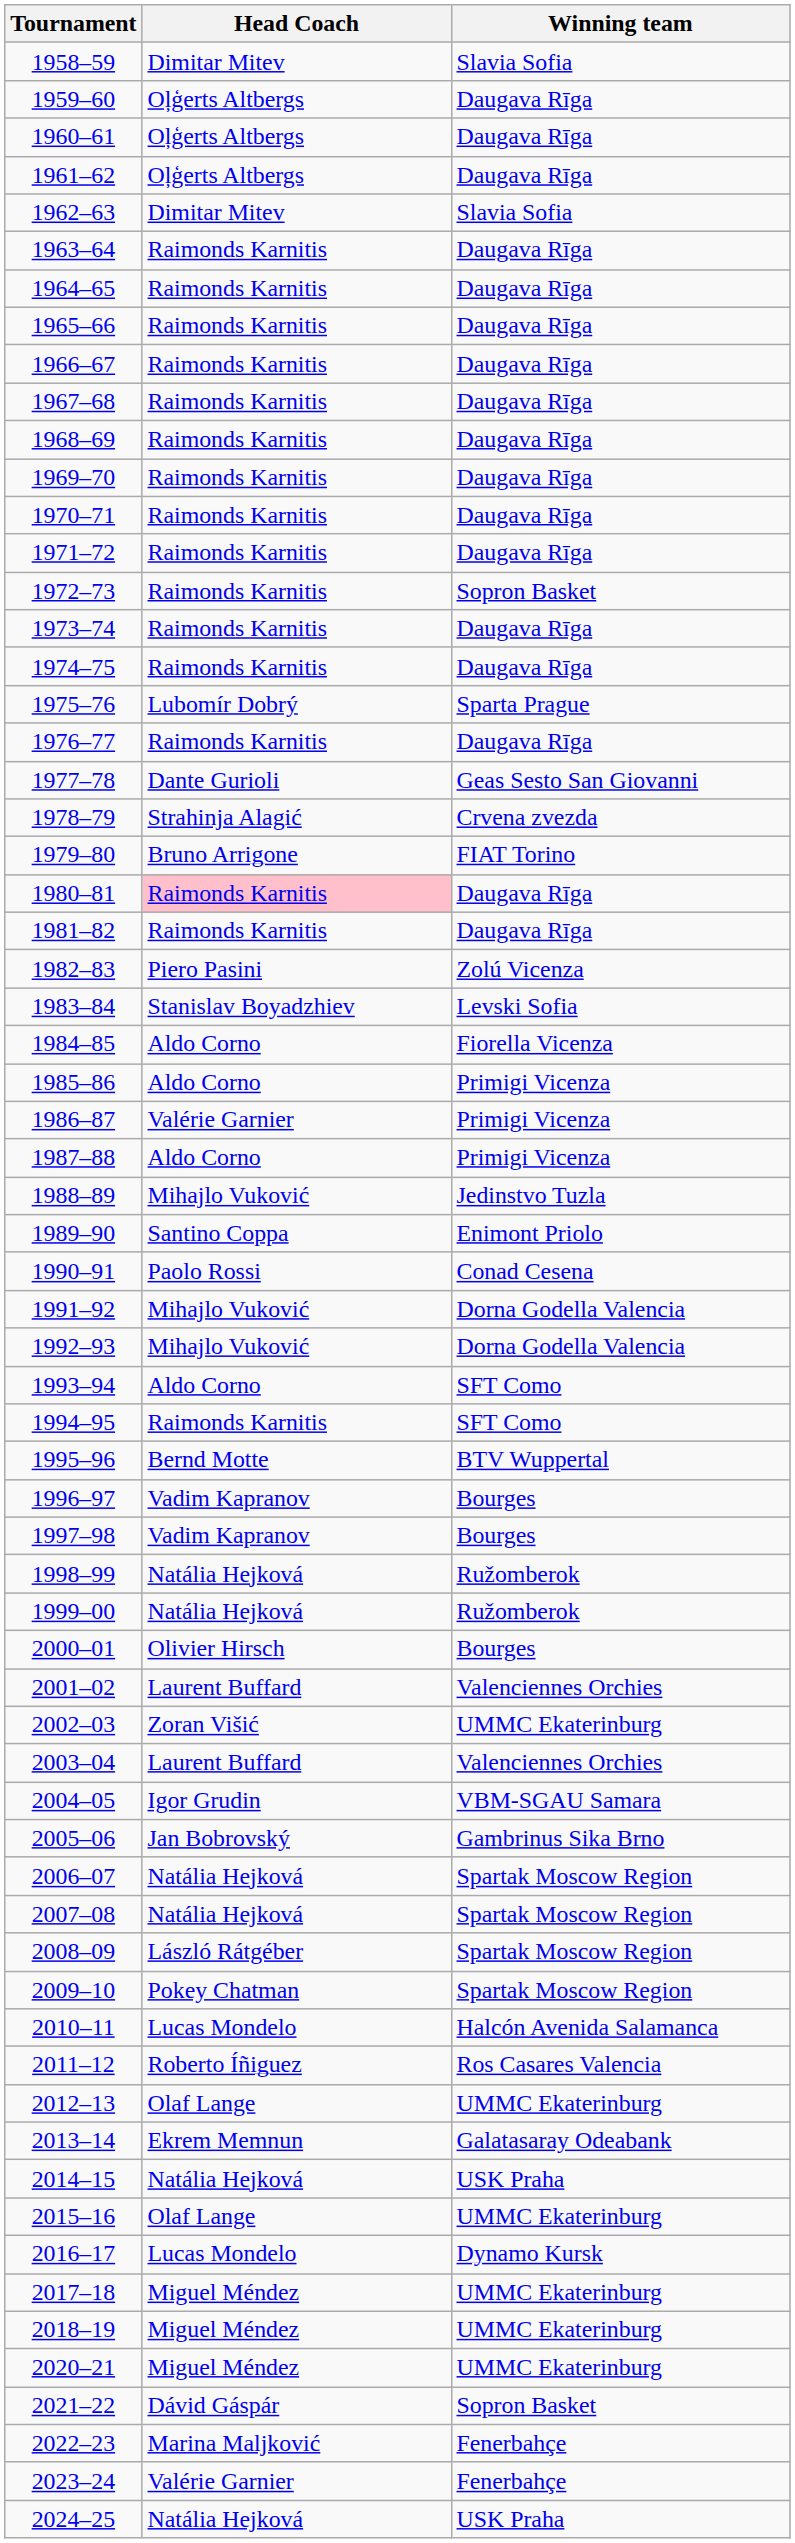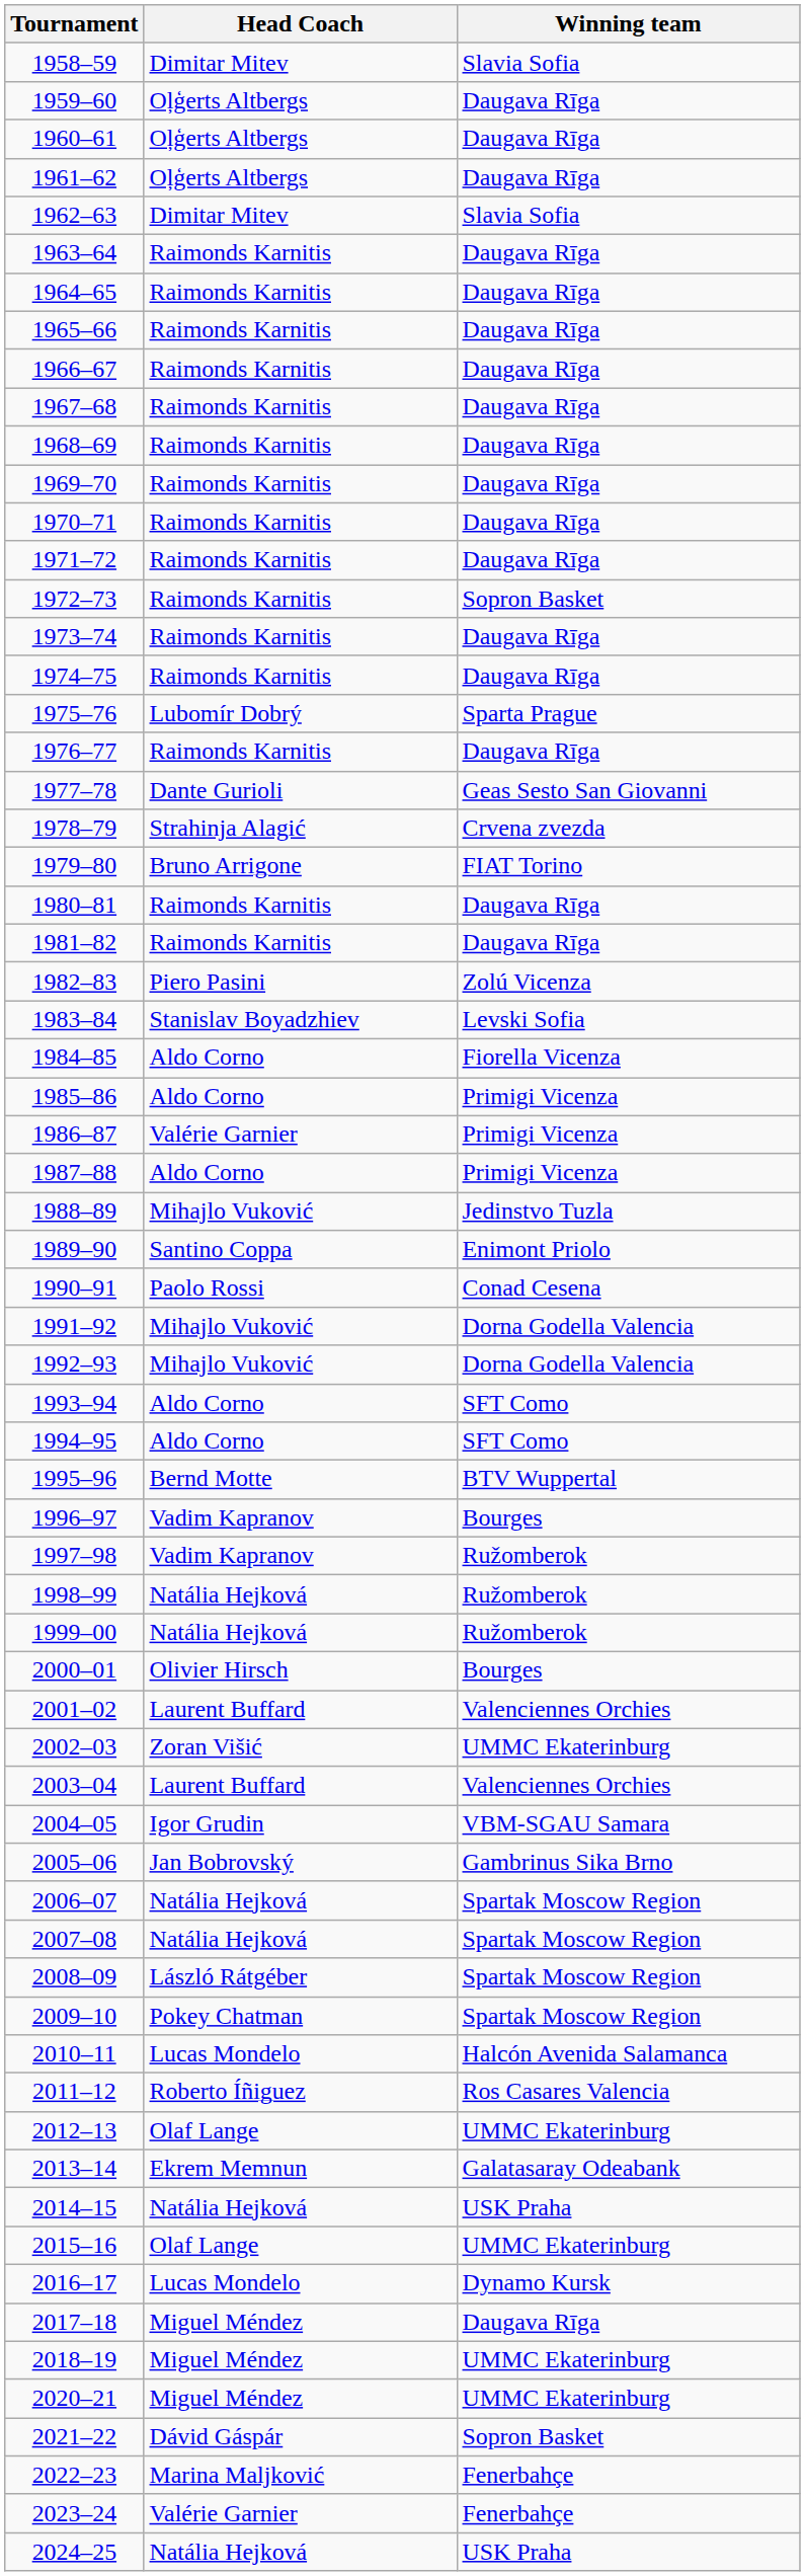 <table class="wikitable sortable">
 <tr>
 <th>Tournament</th>
 <th style="width:200px">Head Coach</th>
 <th style="width:220px">Winning team</th>
 </tr>
 <tr>
 <td style="text-align:center;"><a href='#'>1958–59</a></td>
 <td> <a href='#'>Dimitar Mitev</a></td>
 <td> <a href='#'>Slavia Sofia</a></td>
 </tr>
 <tr>
 <td style="text-align:center;"><a href='#'>1959–60</a></td>
 <td> <a href='#'>Oļģerts Altbergs</a></td>
 <td> <a href='#'>Daugava Rīga</a></td>
 </tr>
 <tr>
 <td style="text-align:center;"><a href='#'>1960–61</a></td>
 <td> <a href='#'>Oļģerts Altbergs</a></td>
 <td> <a href='#'>Daugava Rīga</a></td>
 </tr>
 <tr>
 <td style="text-align:center;"><a href='#'>1961–62</a></td>
 <td> <a href='#'>Oļģerts Altbergs</a></td>
 <td> <a href='#'>Daugava Rīga</a></td>
 </tr>
 <tr>
 <td style="text-align:center;"><a href='#'>1962–63</a></td>
 <td> <a href='#'>Dimitar Mitev</a></td>
 <td> <a href='#'>Slavia Sofia</a></td>
 </tr>
 <tr>
 <td style="text-align:center;"><a href='#'>1963–64</a></td>
 <td> <a href='#'>Raimonds Karnitis</a></td>
 <td> <a href='#'>Daugava Rīga</a></td>
 </tr>
 <tr>
 <td style="text-align:center;"><a href='#'>1964–65</a></td>
 <td> <a href='#'>Raimonds Karnitis</a></td>
 <td> <a href='#'>Daugava Rīga</a></td>
 </tr>
 <tr>
 <td style="text-align:center;"><a href='#'>1965–66</a></td>
 <td> <a href='#'>Raimonds Karnitis</a></td>
 <td> <a href='#'>Daugava Rīga</a></td>
 </tr>
 <tr>
 <td style="text-align:center;"><a href='#'>1966–67</a></td>
 <td> <a href='#'>Raimonds Karnitis</a></td>
 <td> <a href='#'>Daugava Rīga</a></td>
 </tr>
 <tr>
 <td style="text-align:center;"><a href='#'>1967–68</a></td>
 <td> <a href='#'>Raimonds Karnitis</a></td>
 <td> <a href='#'>Daugava Rīga</a></td>
 </tr>
 <tr>
 <td style="text-align:center;"><a href='#'>1968–69</a></td>
 <td> <a href='#'>Raimonds Karnitis</a></td>
 <td> <a href='#'>Daugava Rīga</a></td>
 </tr>
 <tr>
 <td style="text-align:center;"><a href='#'>1969–70</a></td>
 <td> <a href='#'>Raimonds Karnitis</a></td>
 <td> <a href='#'>Daugava Rīga</a></td>
 </tr>
 <tr>
 <td style="text-align:center;"><a href='#'>1970–71</a></td>
 <td> <a href='#'>Raimonds Karnitis</a></td>
 <td> <a href='#'>Daugava Rīga</a></td>
 </tr>
 <tr>
 <td style="text-align:center;"><a href='#'>1971–72</a></td>
 <td> <a href='#'>Raimonds Karnitis</a></td>
 <td> <a href='#'>Daugava Rīga</a></td>
 </tr>
 <tr>
 <td style="text-align:center;"><a href='#'>1972–73</a></td>
 <td> <a href='#'>Raimonds Karnitis</a></td>
 <td> <a href='#'>Sopron Basket</a></td>
 </tr>
 <tr>
 <td style="text-align:center;"><a href='#'>1973–74</a></td>
 <td> <a href='#'>Raimonds Karnitis</a></td>
 <td> <a href='#'>Daugava Rīga</a></td>
 </tr>
 <tr>
 <td style="text-align:center;"><a href='#'>1974–75</a></td>
 <td> <a href='#'>Raimonds Karnitis</a></td>
 <td> <a href='#'>Daugava Rīga</a></td>
 </tr>
 <tr>
 <td style="text-align:center;"><a href='#'>1975–76</a></td>
 <td> <a href='#'>Lubomír Dobrý</a></td>
 <td> <a href='#'>Sparta Prague</a></td>
 </tr>
 <tr>
 <td style="text-align:center;"><a href='#'>1976–77</a></td>
 <td> <a href='#'>Raimonds Karnitis</a></td>
 <td> <a href='#'>Daugava Rīga</a></td>
 </tr>
 <tr>
 <td style="text-align:center;"><a href='#'>1977–78</a></td>
 <td> <a href='#'>Dante Gurioli</a></td>
 <td> <a href='#'>Geas Sesto San Giovanni</a></td>
 </tr>
 <tr>
 <td style="text-align:center;"><a href='#'>1978–79</a></td>
 <td> <a href='#'>Strahinja Alagić</a></td>
 <td> <a href='#'>Crvena zvezda</a></td>
 </tr>
 <tr>
 <td style="text-align:center;"><a href='#'>1979–80</a></td>
 <td> <a href='#'>Bruno Arrigone</a></td>
 <td> <a href='#'>FIAT Torino</a></td>
 </tr>
 <tr>
 <td style="text-align:center;"><a href='#'>1980–81</a></td>
-<td style="background: pink;"> <a href='#'>Raimonds Karnitis</a></td>
+<td> <a href='#'>Raimonds Karnitis</a></td>
 <td> <a href='#'>Daugava Rīga</a></td>
 </tr>
 <tr>
 <td style="text-align:center;"><a href='#'>1981–82</a></td>
 <td> <a href='#'>Raimonds Karnitis</a></td>
 <td> <a href='#'>Daugava Rīga</a></td>
 </tr>
 <tr>
 <td style="text-align:center;"><a href='#'>1982–83</a></td>
 <td> <a href='#'>Piero Pasini</a></td>
 <td> <a href='#'>Zolú Vicenza</a></td>
 </tr>
 <tr>
 <td style="text-align:center;"><a href='#'>1983–84</a></td>
 <td> <a href='#'>Stanislav Boyadzhiev</a></td>
 <td> <a href='#'>Levski Sofia</a></td>
 </tr>
 <tr>
 <td style="text-align:center;"><a href='#'>1984–85</a></td>
 <td> <a href='#'>Aldo Corno</a></td>
 <td> <a href='#'>Fiorella Vicenza</a></td>
 </tr>
 <tr>
 <td style="text-align:center;"><a href='#'>1985–86</a></td>
 <td> <a href='#'>Aldo Corno</a></td>
 <td> <a href='#'>Primigi Vicenza</a></td>
 </tr>
 <tr>
 <td style="text-align:center;"><a href='#'>1986–87</a></td>
 <td> <a href='#'>Valérie Garnier</a></td>
 <td> <a href='#'>Primigi Vicenza</a></td>
 </tr>
 <tr>
 <td style="text-align:center;"><a href='#'>1987–88</a></td>
 <td> <a href='#'>Aldo Corno</a></td>
 <td> <a href='#'>Primigi Vicenza</a></td>
 </tr>
 <tr>
 <td style="text-align:center;"><a href='#'>1988–89</a></td>
 <td> <a href='#'>Mihajlo Vuković</a></td>
 <td> <a href='#'>Jedinstvo Tuzla</a></td>
 </tr>
 <tr>
 <td style="text-align:center;"><a href='#'>1989–90</a></td>
 <td> <a href='#'>Santino Coppa</a></td>
 <td> <a href='#'>Enimont Priolo</a></td>
 </tr>
 <tr>
 <td style="text-align:center;"><a href='#'>1990–91</a></td>
 <td> <a href='#'>Paolo Rossi</a></td>
 <td> <a href='#'>Conad Cesena</a></td>
 </tr>
 <tr>
 <td style="text-align:center;"><a href='#'>1991–92</a></td>
 <td> <a href='#'>Mihajlo Vuković</a></td>
 <td> <a href='#'>Dorna Godella Valencia</a></td>
 </tr>
 <tr>
 <td style="text-align:center;"><a href='#'>1992–93</a></td>
 <td> <a href='#'>Mihajlo Vuković</a></td>
 <td> <a href='#'>Dorna Godella Valencia</a></td>
 </tr>
 <tr>
 <td style="text-align:center;"><a href='#'>1993–94</a></td>
 <td> <a href='#'>Aldo Corno</a></td>
 <td> <a href='#'>SFT Como</a></td>
 </tr>
 <tr>
 <td style="text-align:center;"><a href='#'>1994–95</a></td>
-<td> <a href='#'>Raimonds Karnitis</a></td>
+<td> <a href='#'>Aldo Corno</a></td>
 <td> <a href='#'>SFT Como</a></td>
 </tr>
 <tr>
 <td style="text-align:center;"><a href='#'>1995–96</a></td>
 <td> <a href='#'>Bernd Motte</a></td>
 <td> <a href='#'>BTV Wuppertal</a></td>
 </tr>
 <tr>
 <td style="text-align:center;"><a href='#'>1996–97</a></td>
 <td> <a href='#'>Vadim Kapranov</a></td>
 <td> <a href='#'>Bourges</a></td>
 </tr>
 <tr>
 <td style="text-align:center;"><a href='#'>1997–98</a></td>
 <td> <a href='#'>Vadim Kapranov</a></td>
-<td> <a href='#'>Bourges</a></td>
+<td> <a href='#'>Ružomberok</a></td>
 </tr>
 <tr>
 <td style="text-align:center;"><a href='#'>1998–99</a></td>
 <td> <a href='#'>Natália Hejková</a></td>
 <td> <a href='#'>Ružomberok</a></td>
 </tr>
 <tr>
 <td style="text-align:center;"><a href='#'>1999–00</a></td>
 <td> <a href='#'>Natália Hejková</a></td>
 <td> <a href='#'>Ružomberok</a></td>
 </tr>
 <tr>
 <td style="text-align:center;"><a href='#'>2000–01</a></td>
 <td> <a href='#'>Olivier Hirsch</a></td>
 <td> <a href='#'>Bourges</a></td>
 </tr>
 <tr>
 <td style="text-align:center;"><a href='#'>2001–02</a></td>
 <td> <a href='#'>Laurent Buffard</a></td>
 <td> <a href='#'>Valenciennes Orchies</a></td>
 </tr>
 <tr>
 <td style="text-align:center;"><a href='#'>2002–03</a></td>
 <td> <a href='#'>Zoran Višić</a></td>
 <td> <a href='#'>UMMC Ekaterinburg</a></td>
 </tr>
 <tr>
 <td style="text-align:center;"><a href='#'>2003–04</a></td>
 <td> <a href='#'>Laurent Buffard</a></td>
 <td> <a href='#'>Valenciennes Orchies</a></td>
 </tr>
 <tr>
 <td style="text-align:center;"><a href='#'>2004–05</a></td>
 <td> <a href='#'>Igor Grudin</a></td>
 <td> <a href='#'>VBM-SGAU Samara</a></td>
 </tr>
 <tr>
 <td style="text-align:center;"><a href='#'>2005–06</a></td>
 <td> <a href='#'>Jan Bobrovský</a></td>
 <td> <a href='#'>Gambrinus Sika Brno</a></td>
 </tr>
 <tr>
 <td style="text-align:center;"><a href='#'>2006–07</a></td>
 <td> <a href='#'>Natália Hejková</a></td>
 <td> <a href='#'>Spartak Moscow Region</a></td>
 </tr>
 <tr>
 <td style="text-align:center;"><a href='#'>2007–08</a></td>
 <td> <a href='#'>Natália Hejková</a></td>
 <td> <a href='#'>Spartak Moscow Region</a></td>
 </tr>
 <tr>
 <td style="text-align:center;"><a href='#'>2008–09</a></td>
 <td> <a href='#'>László Rátgéber</a></td>
 <td> <a href='#'>Spartak Moscow Region</a></td>
 </tr>
 <tr>
 <td style="text-align:center;"><a href='#'>2009–10</a></td>
 <td> <a href='#'>Pokey Chatman</a></td>
 <td> <a href='#'>Spartak Moscow Region</a></td>
 </tr>
 <tr>
 <td style="text-align:center;"><a href='#'>2010–11</a></td>
 <td> <a href='#'>Lucas Mondelo</a></td>
 <td> <a href='#'>Halcón Avenida Salamanca</a></td>
 </tr>
 <tr>
 <td style="text-align:center;"><a href='#'>2011–12</a></td>
 <td> <a href='#'>Roberto Íñiguez</a></td>
 <td> <a href='#'>Ros Casares Valencia</a></td>
 </tr>
 <tr>
 <td style="text-align:center;"><a href='#'>2012–13</a></td>
 <td> <a href='#'>Olaf Lange</a></td>
 <td> <a href='#'>UMMC Ekaterinburg</a></td>
 </tr>
 <tr>
 <td style="text-align:center;"><a href='#'>2013–14</a></td>
 <td> <a href='#'>Ekrem Memnun</a></td>
 <td> <a href='#'>Galatasaray Odeabank</a></td>
 </tr>
 <tr>
 <td style="text-align:center;"><a href='#'>2014–15</a></td>
 <td> <a href='#'>Natália Hejková</a></td>
 <td> <a href='#'>USK Praha</a></td>
 </tr>
 <tr>
 <td style="text-align:center;"><a href='#'>2015–16</a></td>
 <td> <a href='#'>Olaf Lange</a></td>
 <td> <a href='#'>UMMC Ekaterinburg</a></td>
 </tr>
 <tr>
 <td style="text-align:center;"><a href='#'>2016–17</a></td>
 <td> <a href='#'>Lucas Mondelo</a></td>
 <td> <a href='#'>Dynamo Kursk</a></td>
 </tr>
 <tr>
 <td style="text-align:center;"><a href='#'>2017–18</a></td>
 <td> <a href='#'>Miguel Méndez</a></td>
-<td> <a href='#'>UMMC Ekaterinburg</a></td>
+<td> <a href='#'>Daugava Rīga</a></td>
 </tr>
 <tr>
 <td style="text-align:center;"><a href='#'>2018–19</a></td>
 <td> <a href='#'>Miguel Méndez</a></td>
 <td> <a href='#'>UMMC Ekaterinburg</a></td>
 </tr>
 <tr>
 <td style="text-align:center;"><a href='#'>2020–21</a></td>
 <td> <a href='#'>Miguel Méndez</a></td>
 <td> <a href='#'>UMMC Ekaterinburg</a></td>
 </tr>
 <tr>
 <td style="text-align:center;"><a href='#'>2021–22</a></td>
 <td> <a href='#'>Dávid Gáspár</a></td>
 <td> <a href='#'>Sopron Basket</a></td>
 </tr>
 <tr>
 <td style="text-align:center;"><a href='#'>2022–23</a></td>
 <td> <a href='#'>Marina Maljković</a></td>
 <td> <a href='#'>Fenerbahçe</a></td>
 </tr>
 <tr>
 <td style="text-align:center;"><a href='#'>2023–24</a></td>
 <td> <a href='#'>Valérie Garnier</a></td>
 <td> <a href='#'>Fenerbahçe</a></td>
 </tr>
 <tr>
 <td style="text-align:center;"><a href='#'>2024–25</a></td>
 <td> <a href='#'>Natália Hejková</a></td>
 <td> <a href='#'>USK Praha</a></td>
 </tr>
 </table>
